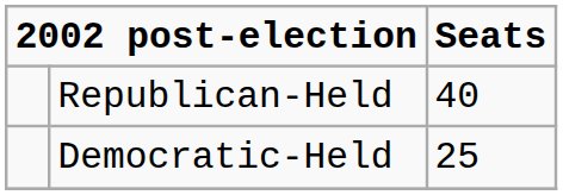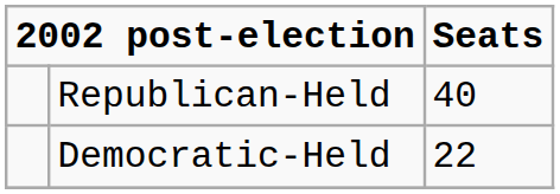 <table class="wikitable">
 <tr>
 <td colspan="2" rowspan="1" align="center" valign="top"><strong>2002 post-election</strong></td>
 <td style="vertical-align:top;"><strong>Seats</strong><br></td>
 </tr>
 <tr>
 <td style="background-color:"> </td>
 <td>Republican-Held</td>
 <td>40</td>
 </tr>
 <tr>
 <td style="background-color:"> </td>
 <td>Democratic-Held</td>
-<td>25</td>
+<td>22</td>
 </tr>
 <tr>
 </tr>
 </table>
